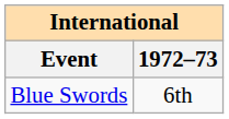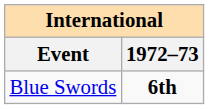 <table class="wikitable" style="text-align:center">
 <tr>
 <th style="background-color: #ffdead; " colspan=2 align=center>International</th>
 </tr>
 <tr>
 <th>Event</th>
 <th>1972–73</th>
 </tr>
 <tr>
 <td align=left><a href='#'>Blue Swords</a></td>
-<td>6th</td>
+<td><strong>6th</strong></td>
 </tr>
 </table>
